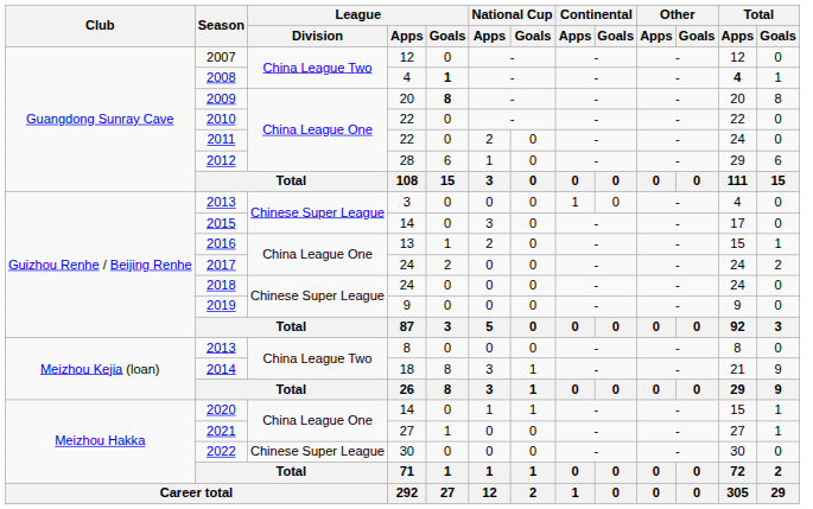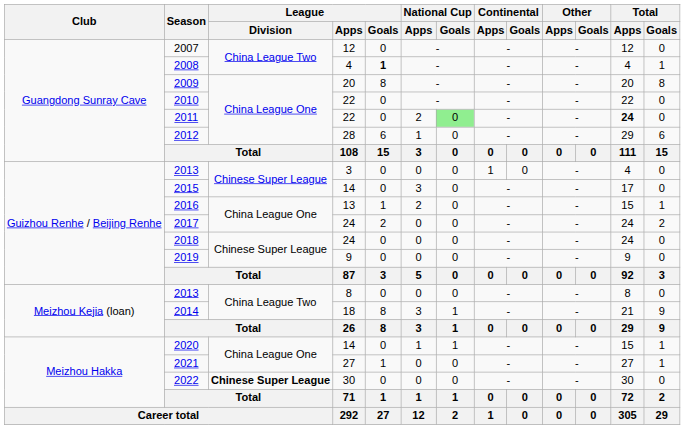 <table class="wikitable" style="text-align: center">
 <tr>
 <th rowspan="2">Club</th>
 <th rowspan="2">Season</th>
 <th colspan="3">League</th>
 <th colspan="2">National Cup</th>
 <th colspan="2">Continental</th>
 <th colspan="2">Other</th>
 <th colspan="2">Total</th>
 </tr>
 <tr>
 <th>Division</th>
 <th>Apps</th>
 <th>Goals</th>
 <th>Apps</th>
 <th>Goals</th>
 <th>Apps</th>
 <th>Goals</th>
 <th>Apps</th>
 <th>Goals</th>
 <th>Apps</th>
 <th>Goals</th>
 </tr>
 <tr>
 <td rowspan=7><a href='#'>Guangdong Sunray Cave</a></td>
 <td>2007</td>
 <td rowspan="2"><a href='#'>China League Two</a></td>
 <td>12</td>
 <td>0</td>
 <td colspan="2">-</td>
 <td colspan="2">-</td>
 <td colspan="2">-</td>
 <td>12</td>
 <td>0</td>
 </tr>
 <tr>
 <td><a href='#'>2008</a></td>
 <td>4</td>
 <td><strong>1</strong></td>
 <td colspan="2">-</td>
 <td colspan="2">-</td>
 <td colspan="2">-</td>
-<td><strong>4</strong></td>
+<td>4</td>
 <td>1</td>
 </tr>
 <tr>
 <td><a href='#'>2009</a></td>
 <td rowspan="4"><a href='#'>China League One</a></td>
 <td>20</td>
-<td><strong>8</strong></td>
+<td>8</td>
 <td colspan="2">-</td>
 <td colspan="2">-</td>
 <td colspan="2">-</td>
 <td>20</td>
 <td>8</td>
 </tr>
 <tr>
 <td><a href='#'>2010</a></td>
 <td>22</td>
 <td>0</td>
 <td colspan="2">-</td>
 <td colspan="2">-</td>
 <td colspan="2">-</td>
 <td>22</td>
 <td>0</td>
 </tr>
 <tr>
 <td><a href='#'>2011</a></td>
 <td>22</td>
 <td>0</td>
 <td>2</td>
-<td>0</td>
+<td style="background: lightgreen;">0</td>
 <td colspan="2">-</td>
 <td colspan="2">-</td>
-<td>24</td>
+<td><strong>24</strong></td>
 <td>0</td>
 </tr>
 <tr>
 <td><a href='#'>2012</a></td>
 <td>28</td>
 <td>6</td>
 <td>1</td>
 <td>0</td>
 <td colspan="2">-</td>
 <td colspan="2">-</td>
 <td>29</td>
 <td>6</td>
 </tr>
 <tr>
 <th colspan=2>Total</th>
 <th>108</th>
 <th>15</th>
 <th>3</th>
 <th>0</th>
 <th>0</th>
 <th>0</th>
 <th>0</th>
 <th>0</th>
 <th>111</th>
 <th>15</th>
 </tr>
 <tr>
 <td rowspan=7><a href='#'>Guizhou Renhe</a> / <a href='#'>Beijing Renhe</a></td>
 <td><a href='#'>2013</a></td>
 <td rowspan=2><a href='#'>Chinese Super League</a></td>
 <td>3</td>
 <td>0</td>
 <td>0</td>
 <td>0</td>
 <td>1</td>
 <td>0</td>
 <td colspan="2">-</td>
 <td>4</td>
 <td>0</td>
 </tr>
 <tr>
 <td><a href='#'>2015</a></td>
 <td>14</td>
 <td>0</td>
 <td>3</td>
 <td>0</td>
 <td colspan="2">-</td>
 <td colspan="2">-</td>
 <td>17</td>
 <td>0</td>
 </tr>
 <tr>
 <td><a href='#'>2016</a></td>
 <td rowspan="2">China League One</td>
 <td>13</td>
 <td>1</td>
 <td>2</td>
 <td>0</td>
 <td colspan="2">-</td>
 <td colspan="2">-</td>
 <td>15</td>
 <td>1</td>
 </tr>
 <tr>
 <td><a href='#'>2017</a></td>
 <td>24</td>
 <td>2</td>
 <td>0</td>
 <td>0</td>
 <td colspan="2">-</td>
 <td colspan="2">-</td>
 <td>24</td>
 <td>2</td>
 </tr>
 <tr>
 <td><a href='#'>2018</a></td>
 <td rowspan="2">Chinese Super League</td>
 <td>24</td>
 <td>0</td>
 <td>0</td>
 <td>0</td>
 <td colspan="2">-</td>
 <td colspan="2">-</td>
 <td>24</td>
 <td>0</td>
 </tr>
 <tr>
 <td><a href='#'>2019</a></td>
 <td>9</td>
 <td>0</td>
 <td>0</td>
 <td>0</td>
 <td colspan="2">-</td>
 <td colspan="2">-</td>
 <td>9</td>
 <td>0</td>
 </tr>
 <tr>
 <th colspan=2>Total</th>
 <th>87</th>
 <th>3</th>
 <th>5</th>
 <th>0</th>
 <th>0</th>
 <th>0</th>
 <th>0</th>
 <th>0</th>
 <th>92</th>
 <th>3</th>
 </tr>
 <tr>
 <td rowspan=3><a href='#'>Meizhou Kejia</a> (loan)</td>
 <td><a href='#'>2013</a></td>
 <td rowspan="2">China League Two</td>
 <td>8</td>
 <td>0</td>
 <td>0</td>
 <td>0</td>
 <td colspan="2">-</td>
 <td colspan="2">-</td>
 <td>8</td>
 <td>0</td>
 </tr>
 <tr>
 <td><a href='#'>2014</a></td>
 <td>18</td>
 <td>8</td>
 <td>3</td>
 <td>1</td>
 <td colspan="2">-</td>
 <td colspan="2">-</td>
 <td>21</td>
 <td>9</td>
 </tr>
 <tr>
 <th colspan=2>Total</th>
 <th>26</th>
 <th>8</th>
 <th>3</th>
 <th>1</th>
 <th>0</th>
 <th>0</th>
 <th>0</th>
 <th>0</th>
 <th>29</th>
 <th>9</th>
 </tr>
 <tr>
 <td rowspan=4><a href='#'>Meizhou Hakka</a></td>
 <td><a href='#'>2020</a></td>
 <td rowspan=2>China League One</td>
 <td>14</td>
 <td>0</td>
 <td>1</td>
 <td>1</td>
 <td colspan="2">-</td>
 <td colspan="2">-</td>
 <td>15</td>
 <td>1</td>
 </tr>
 <tr>
 <td><a href='#'>2021</a></td>
 <td>27</td>
 <td>1</td>
 <td>0</td>
 <td>0</td>
 <td colspan="2">-</td>
 <td colspan="2">-</td>
 <td>27</td>
 <td>1</td>
 </tr>
 <tr>
 <td><a href='#'>2022</a></td>
-<td>Chinese Super League</td>
+<td><strong>Chinese Super League</strong></td>
 <td>30</td>
 <td>0</td>
 <td>0</td>
 <td>0</td>
 <td colspan="2">-</td>
 <td colspan="2">-</td>
 <td>30</td>
 <td>0</td>
 </tr>
 <tr>
 <th colspan=2>Total</th>
 <th>71</th>
 <th>1</th>
 <th>1</th>
 <th>1</th>
 <th>0</th>
 <th>0</th>
 <th>0</th>
 <th>0</th>
 <th>72</th>
 <th>2</th>
 </tr>
 <tr>
 <th colspan=3>Career total</th>
 <th>292</th>
 <th>27</th>
 <th>12</th>
 <th>2</th>
 <th>1</th>
 <th>0</th>
 <th>0</th>
 <th>0</th>
 <th>305</th>
 <th>29</th>
 </tr>
 </table>
